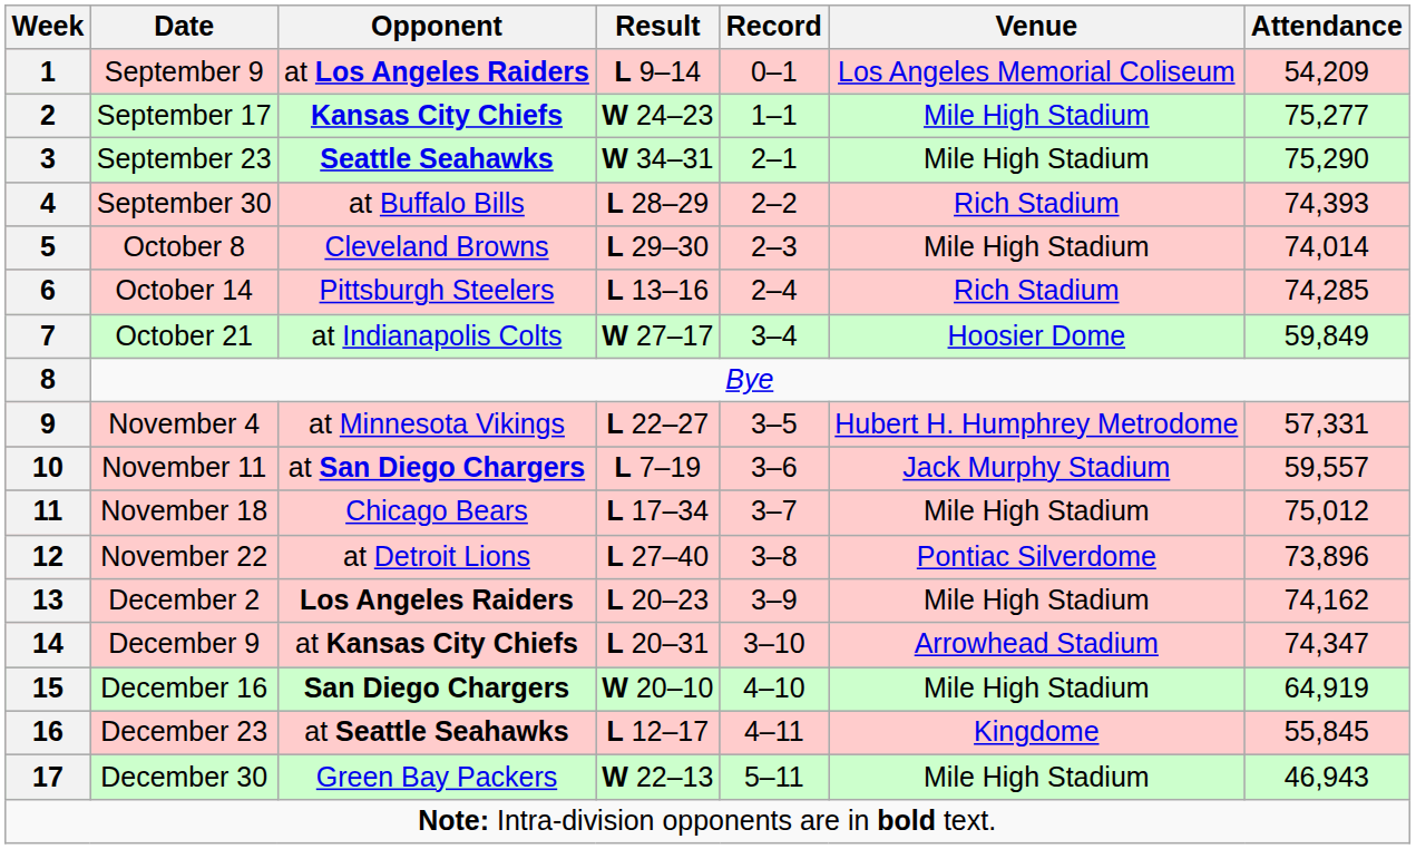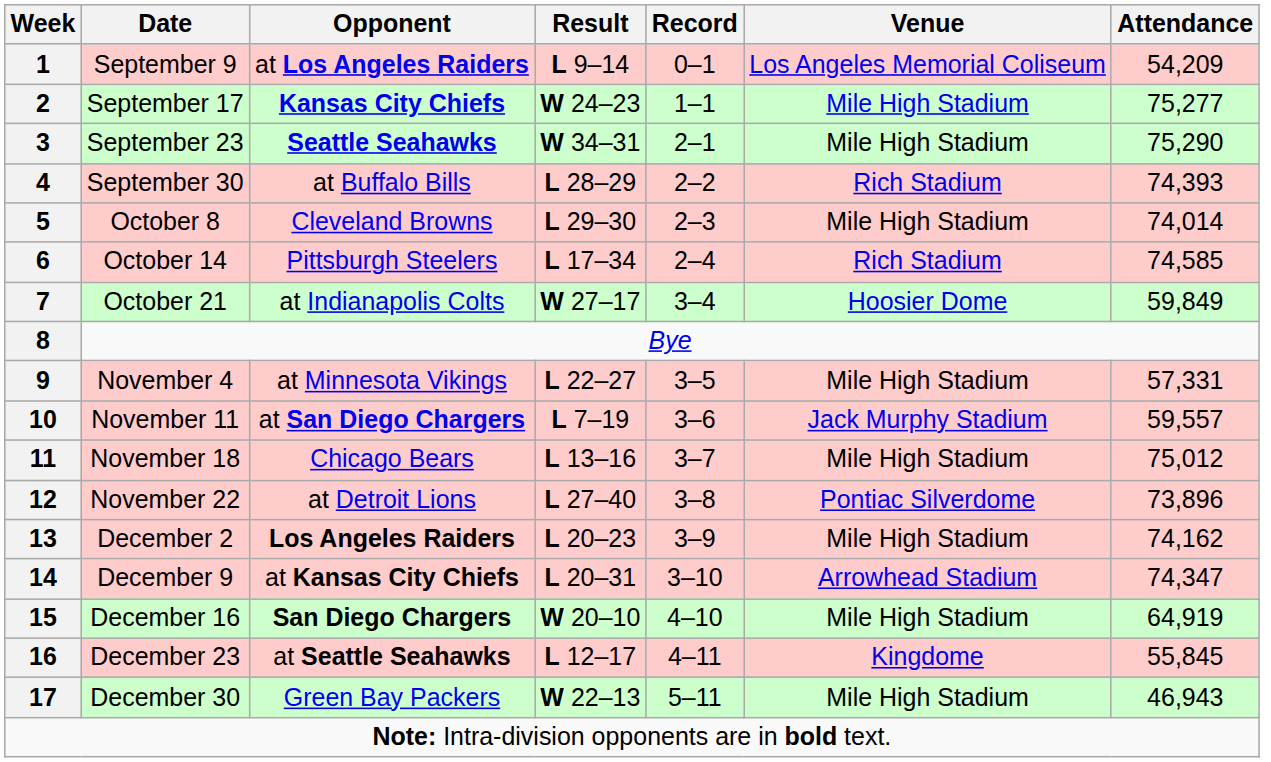 <table class="wikitable" style="text-align:center">
 <tr>
 <th>Week</th>
 <th>Date</th>
 <th>Opponent</th>
 <th>Result</th>
 <th>Record</th>
 <th>Venue</th>
 <th>Attendance</th>
 </tr>
 <tr style="background:#fcc">
 <th>1</th>
 <td>September 9</td>
 <td>at <strong><a href='#'>Los Angeles Raiders</a></strong></td>
 <td><strong>L</strong> 9–14</td>
 <td>0–1</td>
 <td><a href='#'>Los Angeles Memorial Coliseum</a></td>
 <td>54,209</td>
 </tr>
 <tr style="background:#cfc">
 <th>2</th>
 <td>September 17</td>
 <td><strong><a href='#'>Kansas City Chiefs</a></strong></td>
 <td><strong>W</strong> 24–23</td>
 <td>1–1</td>
 <td><a href='#'>Mile High Stadium</a></td>
 <td>75,277</td>
 </tr>
 <tr style="background:#cfc">
 <th>3</th>
 <td>September 23</td>
 <td><strong><a href='#'>Seattle Seahawks</a></strong></td>
 <td><strong>W</strong> 34–31 </td>
 <td>2–1</td>
 <td>Mile High Stadium</td>
 <td>75,290</td>
 </tr>
 <tr style="background:#fcc">
 <th>4</th>
 <td>September 30</td>
 <td>at <a href='#'>Buffalo Bills</a></td>
 <td><strong>L</strong> 28–29</td>
 <td>2–2</td>
 <td><a href='#'>Rich Stadium</a></td>
 <td>74,393</td>
 </tr>
 <tr style="background:#fcc">
 <th>5</th>
 <td>October 8</td>
 <td><a href='#'>Cleveland Browns</a></td>
 <td><strong>L</strong> 29–30</td>
 <td>2–3</td>
 <td>Mile High Stadium</td>
 <td>74,014</td>
 </tr>
 <tr style="background:#fcc">
 <th>6</th>
 <td>October 14</td>
 <td><a href='#'>Pittsburgh Steelers</a></td>
-<td><strong>L</strong> 13–16</td>
+<td><strong>L</strong> 17–34</td>
 <td>2–4</td>
 <td><a href='#'>Rich Stadium</a></td>
-<td>74,285</td>
+<td>74,585</td>
 </tr>
 <tr style="background:#cfc">
 <th>7</th>
 <td>October 21</td>
 <td>at <a href='#'>Indianapolis Colts</a></td>
 <td><strong>W</strong> 27–17</td>
 <td>3–4</td>
 <td><a href='#'>Hoosier Dome</a></td>
 <td>59,849</td>
 </tr>
 <tr>
 <th>8</th>
 <td colspan="7"><em><a href='#'>Bye</a></em></td>
 </tr>
 <tr style="background:#fcc">
 <th>9</th>
 <td>November 4</td>
 <td>at <a href='#'>Minnesota Vikings</a></td>
 <td><strong>L</strong> 22–27</td>
 <td>3–5</td>
-<td><a href='#'>Hubert H. Humphrey Metrodome</a></td>
+<td>Mile High Stadium</td>
 <td>57,331</td>
 </tr>
 <tr style="background:#fcc">
 <th>10</th>
 <td>November 11</td>
 <td>at <strong><a href='#'>San Diego Chargers</a></strong></td>
 <td><strong>L</strong> 7–19</td>
 <td>3–6</td>
 <td><a href='#'>Jack Murphy Stadium</a></td>
 <td>59,557</td>
 </tr>
 <tr style="background:#fcc">
 <th>11</th>
 <td>November 18</td>
 <td><a href='#'>Chicago Bears</a></td>
-<td><strong>L</strong> 17–34</td>
+<td><strong>L</strong> 13–16</td>
 <td>3–7</td>
 <td>Mile High Stadium</td>
 <td>75,012</td>
 </tr>
 <tr style="background:#fcc">
 <th>12</th>
 <td>November 22</td>
 <td>at <a href='#'>Detroit Lions</a></td>
 <td><strong>L</strong> 27–40</td>
 <td>3–8</td>
 <td><a href='#'>Pontiac Silverdome</a></td>
 <td>73,896</td>
 </tr>
 <tr style="background:#fcc">
 <th>13</th>
 <td>December 2</td>
 <td><strong>Los Angeles Raiders</strong></td>
 <td><strong>L</strong> 20–23</td>
 <td>3–9</td>
 <td>Mile High Stadium</td>
 <td>74,162</td>
 </tr>
 <tr style="background:#fcc">
 <th>14</th>
 <td>December 9</td>
 <td>at <strong>Kansas City Chiefs</strong></td>
 <td><strong>L</strong> 20–31</td>
 <td>3–10</td>
 <td><a href='#'>Arrowhead Stadium</a></td>
 <td>74,347</td>
 </tr>
 <tr style="background:#cfc">
 <th>15</th>
 <td>December 16</td>
 <td><strong>San Diego Chargers</strong></td>
 <td><strong>W</strong> 20–10</td>
 <td>4–10</td>
 <td>Mile High Stadium</td>
 <td>64,919</td>
 </tr>
 <tr style="background:#fcc">
 <th>16</th>
 <td>December 23</td>
 <td>at <strong>Seattle Seahawks</strong></td>
 <td><strong>L</strong> 12–17</td>
 <td>4–11</td>
 <td><a href='#'>Kingdome</a></td>
 <td>55,845</td>
 </tr>
 <tr style="background:#cfc">
 <th>17</th>
 <td>December 30</td>
 <td><a href='#'>Green Bay Packers</a></td>
 <td><strong>W</strong> 22–13</td>
 <td>5–11</td>
 <td>Mile High Stadium</td>
 <td>46,943</td>
 </tr>
 <tr>
 <td colspan="8"><strong>Note:</strong> Intra-division opponents are in <strong>bold</strong> text.</td>
 </tr>
 </table>
